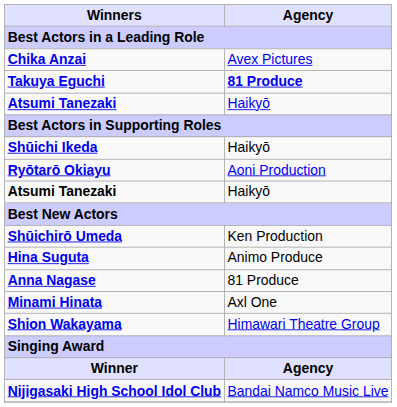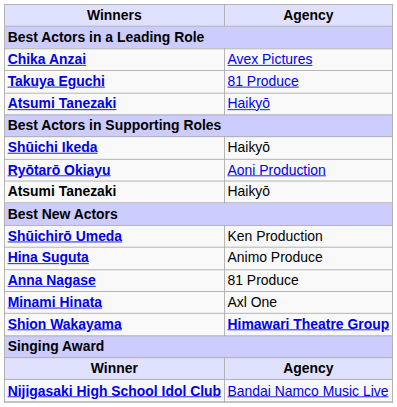 <table class="wikitable">
 <tr>
 <th style="background: #e0e0ff">Winners</th>
 <th style="background: #e0e0ff">Agency<br></th>
 </tr>
 <tr>
 <td colspan="2" style="background: #ccccff"><strong>Best Actors in a Leading Role</strong></td>
 </tr>
 <tr>
 <td><strong><a href='#'>Chika Anzai</a></strong></td>
 <td><a href='#'>Avex Pictures</a><br></td>
 </tr>
 <tr>
 <td><strong><a href='#'>Takuya Eguchi</a></strong></td>
-<td><strong><a href='#'>81 Produce</a><br></strong></td>
+<td><a href='#'>81 Produce</a><br></td>
 </tr>
 <tr>
 <td><strong><a href='#'>Atsumi Tanezaki</a></strong></td>
 <td><a href='#'>Haikyō</a><br></td>
 </tr>
 <tr>
 <td colspan="2" style="background: #ccccff"><strong>Best Actors in Supporting Roles</strong></td>
 </tr>
 <tr>
 <td><strong><a href='#'>Shūichi Ikeda</a></strong></td>
 <td>Haikyō<br></td>
 </tr>
 <tr>
 <td><strong><a href='#'>Ryōtarō Okiayu</a></strong></td>
 <td><a href='#'>Aoni Production</a><br></td>
 </tr>
 <tr>
 <td><strong>Atsumi Tanezaki</strong></td>
 <td>Haikyō<br></td>
 </tr>
 <tr>
 <td colspan="2" style="background: #ccccff"><strong>Best New Actors</strong></td>
 </tr>
 <tr>
 <td><strong><a href='#'>Shūichirō Umeda</a></strong></td>
 <td>Ken Production<br></td>
 </tr>
 <tr>
 <td><strong><a href='#'>Hina Suguta</a></strong></td>
 <td>Animo Produce<br></td>
 </tr>
 <tr>
 <td><strong><a href='#'>Anna Nagase</a></strong></td>
 <td>81 Produce<br></td>
 </tr>
 <tr>
 <td><strong><a href='#'>Minami Hinata</a></strong></td>
 <td>Axl One<br></td>
 </tr>
 <tr>
 <td><strong><a href='#'>Shion Wakayama</a></strong></td>
-<td><a href='#'>Himawari Theatre Group</a><br></td>
+<td><strong><a href='#'>Himawari Theatre Group</a><br></strong></td>
 </tr>
 <tr>
 <td colspan="3" style="background: #ccccff"><strong>Singing Award</strong></td>
 </tr>
 <tr>
 <th style="background: #e0e0ff">Winner</th>
 <th colspan="2" style="background: #e0e0ff">Agency</th>
 </tr>
 <tr>
 <td><strong><a href='#'>Nijigasaki High School Idol Club</a></strong></td>
 <td colspan="2"><a href='#'>Bandai Namco Music Live</a></td>
 </tr>
 <tr>
 </tr>
 </table>
